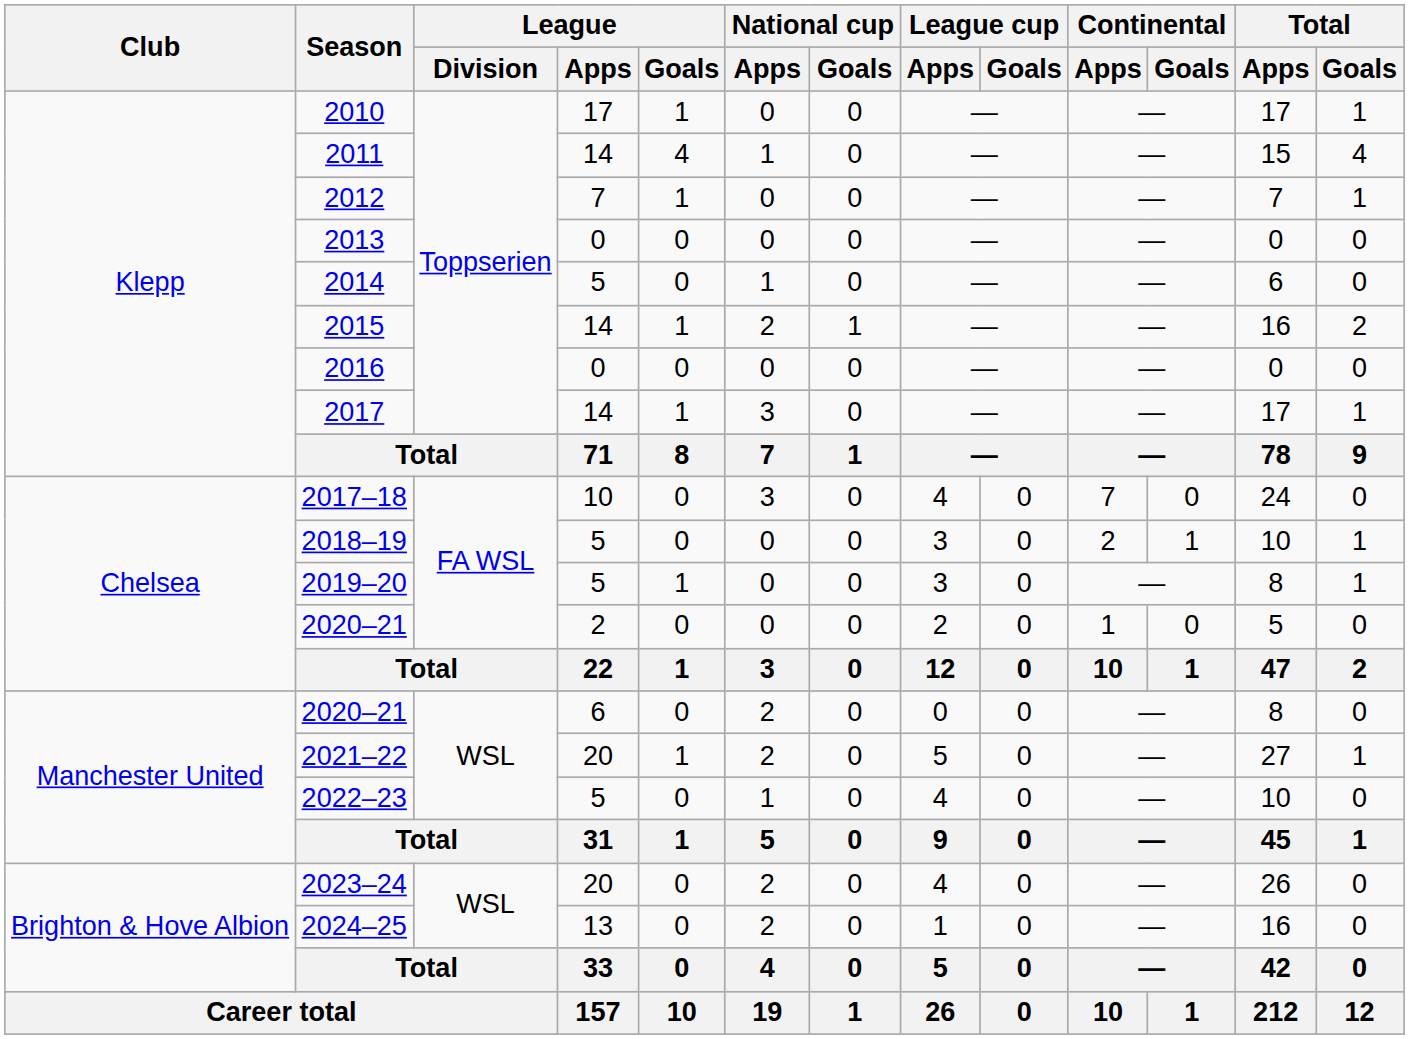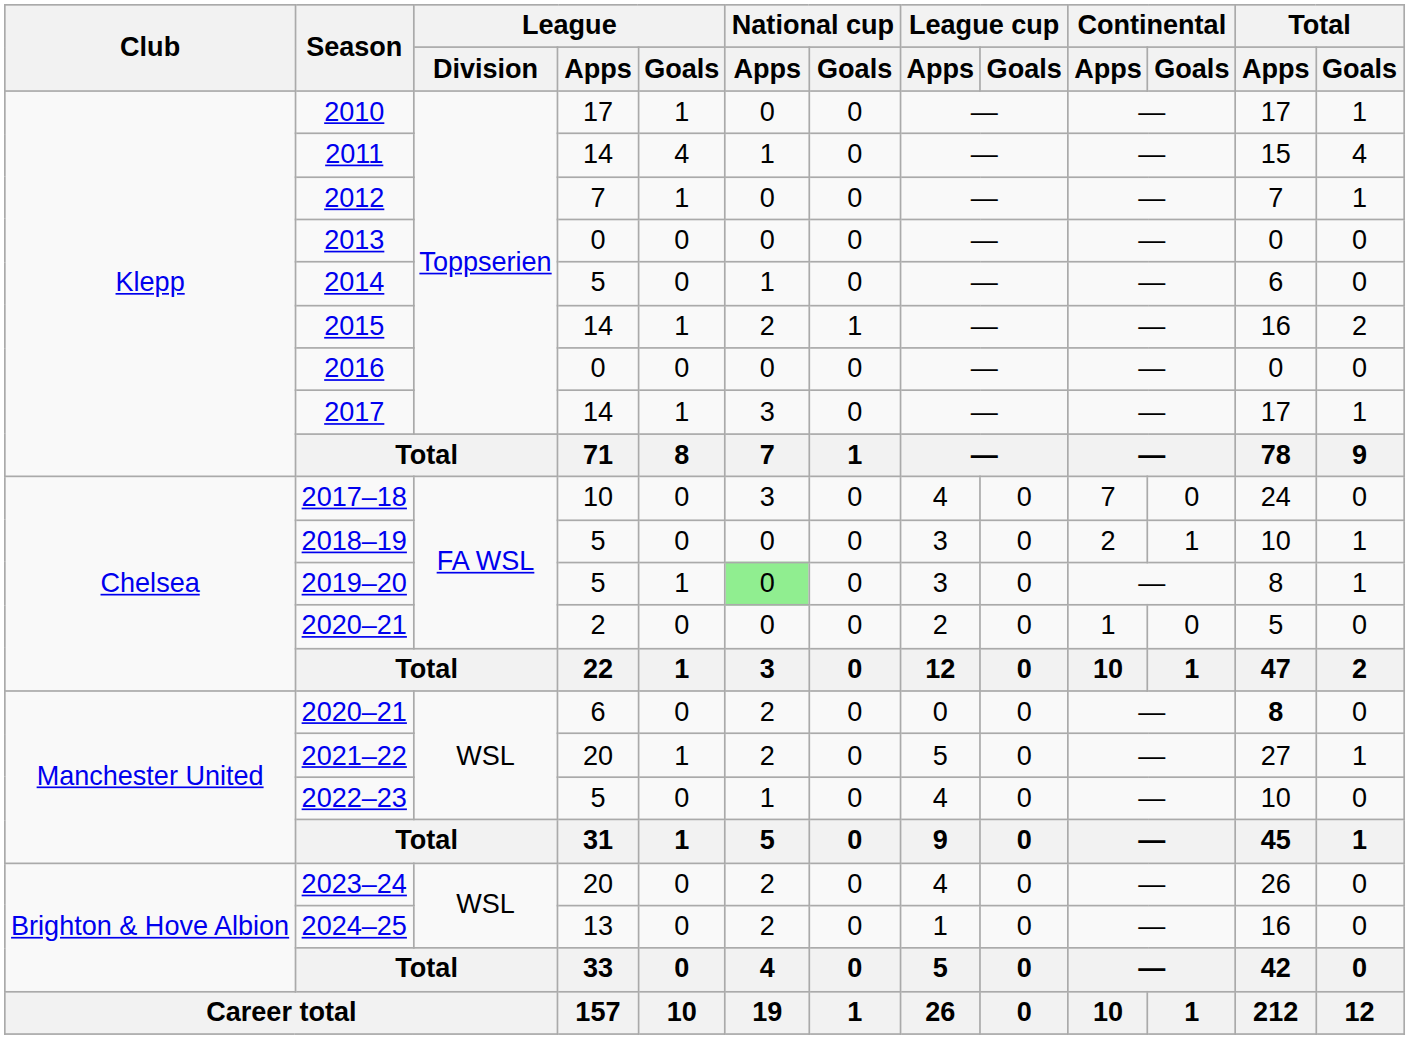 <table class="wikitable" style="text-align: center;">
 <tr>
 <th rowspan="2">Club</th>
 <th rowspan="2">Season</th>
 <th colspan="3">League</th>
 <th colspan="2">National cup</th>
 <th colspan="2">League cup</th>
 <th colspan="2">Continental</th>
 <th colspan="2">Total</th>
 </tr>
 <tr>
 <th>Division</th>
 <th>Apps</th>
 <th>Goals</th>
 <th>Apps</th>
 <th>Goals</th>
 <th>Apps</th>
 <th>Goals</th>
 <th>Apps</th>
 <th>Goals</th>
 <th>Apps</th>
 <th>Goals</th>
 </tr>
 <tr>
 <td rowspan="9" valign="center"><a href='#'>Klepp</a></td>
 <td><a href='#'>2010</a></td>
 <td rowspan="8" valign="center"><a href='#'>Toppserien</a></td>
 <td>17</td>
 <td>1</td>
 <td>0</td>
 <td>0</td>
 <td colspan="2">—</td>
 <td colspan="2">—</td>
 <td>17</td>
 <td>1</td>
 </tr>
 <tr>
 <td><a href='#'>2011</a></td>
 <td>14</td>
 <td>4</td>
 <td>1</td>
 <td>0</td>
 <td colspan="2">—</td>
 <td colspan="2">—</td>
 <td>15</td>
 <td>4</td>
 </tr>
 <tr>
 <td><a href='#'>2012</a></td>
 <td>7</td>
 <td>1</td>
 <td>0</td>
 <td>0</td>
 <td colspan="2">—</td>
 <td colspan="2">—</td>
 <td>7</td>
 <td>1</td>
 </tr>
 <tr>
 <td><a href='#'>2013</a></td>
 <td>0</td>
 <td>0</td>
 <td>0</td>
 <td>0</td>
 <td colspan="2">—</td>
 <td colspan="2">—</td>
 <td>0</td>
 <td>0</td>
 </tr>
 <tr>
 <td><a href='#'>2014</a></td>
 <td>5</td>
 <td>0</td>
 <td>1</td>
 <td>0</td>
 <td colspan="2">—</td>
 <td colspan="2">—</td>
 <td>6</td>
 <td>0</td>
 </tr>
 <tr>
 <td><a href='#'>2015</a></td>
 <td>14</td>
 <td>1</td>
 <td>2</td>
 <td>1</td>
 <td colspan="2">—</td>
 <td colspan="2">—</td>
 <td>16</td>
 <td>2</td>
 </tr>
 <tr>
 <td><a href='#'>2016</a></td>
 <td>0</td>
 <td>0</td>
 <td>0</td>
 <td>0</td>
 <td colspan="2">—</td>
 <td colspan="2">—</td>
 <td>0</td>
 <td>0</td>
 </tr>
 <tr>
 <td><a href='#'>2017</a></td>
 <td>14</td>
 <td>1</td>
 <td>3</td>
 <td>0</td>
 <td colspan="2">—</td>
 <td colspan="2">—</td>
 <td>17</td>
 <td>1</td>
 </tr>
 <tr>
 <th colspan="2">Total</th>
 <th>71</th>
 <th>8</th>
 <th>7</th>
 <th>1</th>
 <th colspan="2">—</th>
 <th colspan="2">—</th>
 <th>78</th>
 <th>9</th>
 </tr>
 <tr>
 <td rowspan="5" valign="center"><a href='#'>Chelsea</a></td>
 <td><a href='#'>2017–18</a></td>
 <td rowspan="4" valign="center"><a href='#'>FA WSL</a></td>
 <td>10</td>
 <td>0</td>
 <td>3</td>
 <td>0</td>
 <td>4</td>
 <td>0</td>
 <td>7</td>
 <td>0</td>
 <td>24</td>
 <td>0</td>
 </tr>
 <tr>
 <td><a href='#'>2018–19</a></td>
 <td>5</td>
 <td>0</td>
 <td>0</td>
 <td>0</td>
 <td>3</td>
 <td>0</td>
 <td>2</td>
 <td>1</td>
 <td>10</td>
 <td>1</td>
 </tr>
 <tr>
 <td><a href='#'>2019–20</a></td>
 <td>5</td>
 <td>1</td>
-<td>0</td>
+<td style="background: lightgreen;">0</td>
 <td>0</td>
 <td>3</td>
 <td>0</td>
 <td colspan="2">—</td>
 <td>8</td>
 <td>1</td>
 </tr>
 <tr>
 <td><a href='#'>2020–21</a></td>
 <td>2</td>
 <td>0</td>
 <td>0</td>
 <td>0</td>
 <td>2</td>
 <td>0</td>
 <td>1</td>
 <td>0</td>
 <td>5</td>
 <td>0</td>
 </tr>
 <tr>
 <th colspan="2">Total</th>
 <th>22</th>
 <th>1</th>
 <th>3</th>
 <th>0</th>
 <th>12</th>
 <th>0</th>
 <th>10</th>
 <th>1</th>
 <th>47</th>
 <th>2</th>
 </tr>
 <tr>
 <td rowspan="4" valign="center"><a href='#'>Manchester United</a></td>
 <td><a href='#'>2020–21</a></td>
 <td rowspan="3" valign="center">WSL</td>
 <td>6</td>
 <td>0</td>
 <td>2</td>
 <td>0</td>
 <td>0</td>
 <td>0</td>
 <td colspan="2">—</td>
-<td>8</td>
+<td><strong>8</strong></td>
 <td>0</td>
 </tr>
 <tr>
 <td><a href='#'>2021–22</a></td>
 <td>20</td>
 <td>1</td>
 <td>2</td>
 <td>0</td>
 <td>5</td>
 <td>0</td>
 <td colspan="2">—</td>
 <td>27</td>
 <td>1</td>
 </tr>
 <tr>
 <td><a href='#'>2022–23</a></td>
 <td>5</td>
 <td>0</td>
 <td>1</td>
 <td>0</td>
 <td>4</td>
 <td>0</td>
 <td colspan="2">—</td>
 <td>10</td>
 <td>0</td>
 </tr>
 <tr>
 <th colspan="2">Total</th>
 <th>31</th>
 <th>1</th>
 <th>5</th>
 <th>0</th>
 <th>9</th>
 <th>0</th>
 <th colspan="2">—</th>
 <th>45</th>
 <th>1</th>
 </tr>
 <tr>
 <td rowspan=3><a href='#'>Brighton & Hove Albion</a></td>
 <td><a href='#'>2023–24</a></td>
 <td rowspan=2>WSL</td>
 <td>20</td>
 <td>0</td>
 <td>2</td>
 <td>0</td>
 <td>4</td>
 <td>0</td>
 <td colspan="2">—</td>
 <td>26</td>
 <td>0</td>
 </tr>
 <tr>
 <td><a href='#'>2024–25</a></td>
 <td>13</td>
 <td>0</td>
 <td>2</td>
 <td>0</td>
 <td>1</td>
 <td>0</td>
 <td colspan="2">—</td>
 <td>16</td>
 <td>0</td>
 </tr>
 <tr>
 <th colspan="2">Total</th>
 <th>33</th>
 <th>0</th>
 <th>4</th>
 <th>0</th>
 <th>5</th>
 <th>0</th>
 <th colspan="2">—</th>
 <th>42</th>
 <th>0</th>
 </tr>
 <tr>
 <th colspan="3">Career total</th>
 <th>157</th>
 <th>10</th>
 <th>19</th>
 <th>1</th>
 <th>26</th>
 <th>0</th>
 <th>10</th>
 <th>1</th>
 <th>212</th>
 <th>12</th>
 </tr>
 </table>
